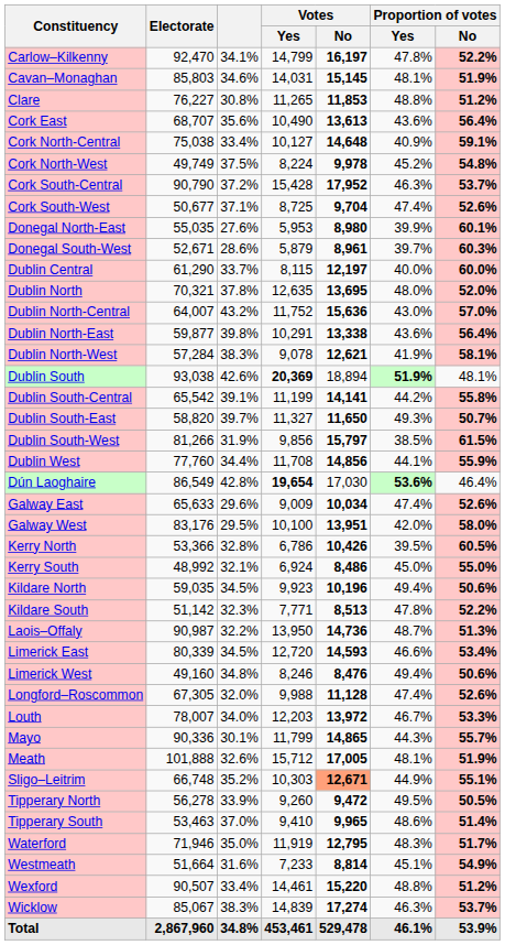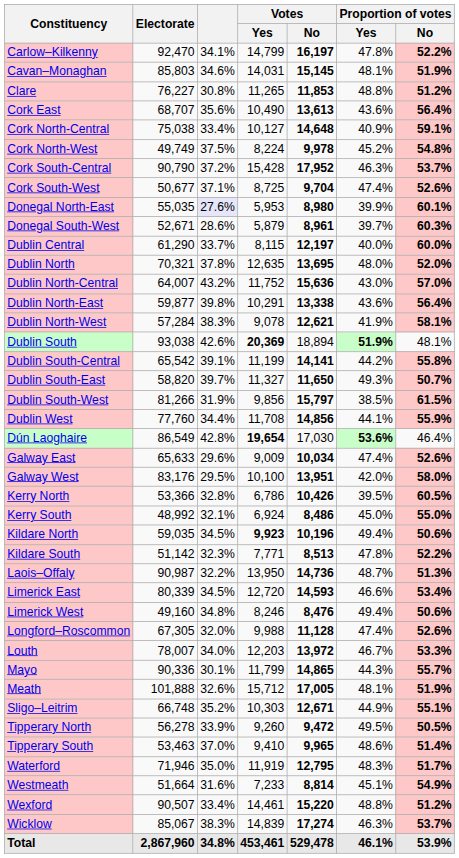 <table class="wikitable sortable">
 <tr>
 <th rowspan=2>Constituency</th>
 <th rowspan=2>Electorate</th>
 <th rowspan=2></th>
 <th colspan=2>Votes</th>
 <th colspan=2>Proportion of votes</th>
 </tr>
 <tr>
 <th>Yes</th>
 <th>No</th>
 <th>Yes</th>
 <th>No</th>
 </tr>
 <tr>
 <td style="background:#ffc8c8;"><a href='#'>Carlow–Kilkenny</a></td>
 <td style="text-align: right;">92,470</td>
 <td style="text-align: right;">34.1%</td>
 <td style="text-align: right;">14,799</td>
 <td style="text-align: right;"><strong>16,197</strong></td>
 <td style="text-align: right;">47.8%</td>
 <td style="text-align: right; background:#ffc8c8;"><strong>52.2%</strong></td>
 </tr>
 <tr>
 <td style="background:#ffc8c8;"><a href='#'>Cavan–Monaghan</a></td>
 <td style="text-align: right;">85,803</td>
 <td style="text-align: right;">34.6%</td>
 <td style="text-align: right;">14,031</td>
 <td style="text-align: right;"><strong>15,145</strong></td>
 <td style="text-align: right;">48.1%</td>
 <td style="text-align: right; background:#ffc8c8;"><strong>51.9%</strong></td>
 </tr>
 <tr>
 <td style="background:#ffc8c8;"><a href='#'>Clare</a></td>
 <td style="text-align: right;">76,227</td>
 <td style="text-align: right;">30.8%</td>
 <td style="text-align: right;">11,265</td>
 <td style="text-align: right;"><strong>11,853</strong></td>
 <td style="text-align: right;">48.8%</td>
 <td style="text-align: right; background:#ffc8c8;"><strong>51.2%</strong></td>
 </tr>
 <tr>
 <td style="background:#ffc8c8;"><a href='#'>Cork East</a></td>
 <td style="text-align: right;">68,707</td>
 <td style="text-align: right;">35.6%</td>
 <td style="text-align: right;">10,490</td>
 <td style="text-align: right;"><strong>13,613</strong></td>
 <td style="text-align: right;">43.6%</td>
 <td style="text-align: right; background:#ffc8c8;"><strong>56.4%</strong></td>
 </tr>
 <tr>
 <td style="background:#ffc8c8;"><a href='#'>Cork North-Central</a></td>
 <td style="text-align: right;">75,038</td>
 <td style="text-align: right;">33.4%</td>
 <td style="text-align: right;">10,127</td>
 <td style="text-align: right;"><strong>14,648</strong></td>
 <td style="text-align: right;">40.9%</td>
 <td style="text-align: right; background:#ffc8c8;"><strong>59.1%</strong></td>
 </tr>
 <tr>
 <td style="background:#ffc8c8;"><a href='#'>Cork North-West</a></td>
 <td style="text-align: right;">49,749</td>
 <td style="text-align: right;">37.5%</td>
 <td style="text-align: right;">8,224</td>
 <td style="text-align: right;"><strong>9,978</strong></td>
 <td style="text-align: right;">45.2%</td>
 <td style="text-align: right; background:#ffc8c8;"><strong>54.8%</strong></td>
 </tr>
 <tr>
 <td style="background:#ffc8c8;"><a href='#'>Cork South-Central</a></td>
 <td style="text-align: right;">90,790</td>
 <td style="text-align: right;">37.2%</td>
 <td style="text-align: right;">15,428</td>
 <td style="text-align: right;"><strong>17,952</strong></td>
 <td style="text-align: right;">46.3%</td>
 <td style="text-align: right; background:#ffc8c8;"><strong>53.7%</strong></td>
 </tr>
 <tr>
 <td style="background:#ffc8c8;"><a href='#'>Cork South-West</a></td>
 <td style="text-align: right;">50,677</td>
 <td style="text-align: right;">37.1%</td>
 <td style="text-align: right;">8,725</td>
 <td style="text-align: right;"><strong>9,704</strong></td>
 <td style="text-align: right;">47.4%</td>
 <td style="text-align: right; background:#ffc8c8;"><strong>52.6%</strong></td>
 </tr>
 <tr>
 <td style="background:#ffc8c8;"><a href='#'>Donegal North-East</a></td>
 <td style="text-align: right;">55,035</td>
-<td style="text-align: right;">27.6%</td>
+<td style="background: lavender; text-align: right;">27.6%</td>
 <td style="text-align: right;">5,953</td>
 <td style="text-align: right;"><strong>8,980</strong></td>
 <td style="text-align: right;">39.9%</td>
 <td style="text-align: right; background:#ffc8c8;"><strong>60.1%</strong></td>
 </tr>
 <tr>
 <td style="background:#ffc8c8;"><a href='#'>Donegal South-West</a></td>
 <td style="text-align: right;">52,671</td>
 <td style="text-align: right;">28.6%</td>
 <td style="text-align: right;">5,879</td>
 <td style="text-align: right;"><strong>8,961</strong></td>
 <td style="text-align: right;">39.7%</td>
 <td style="text-align: right; background:#ffc8c8;"><strong>60.3%</strong></td>
 </tr>
 <tr>
 <td style="background:#ffc8c8;"><a href='#'>Dublin Central</a></td>
 <td style="text-align: right;">61,290</td>
 <td style="text-align: right;">33.7%</td>
 <td style="text-align: right;">8,115</td>
 <td style="text-align: right;"><strong>12,197</strong></td>
 <td style="text-align: right;">40.0%</td>
 <td style="text-align: right; background:#ffc8c8;"><strong>60.0%</strong></td>
 </tr>
 <tr>
 <td style="background:#ffc8c8;"><a href='#'>Dublin North</a></td>
 <td style="text-align: right;">70,321</td>
 <td style="text-align: right;">37.8%</td>
 <td style="text-align: right;">12,635</td>
 <td style="text-align: right;"><strong>13,695</strong></td>
 <td style="text-align: right;">48.0%</td>
 <td style="text-align: right; background:#ffc8c8;"><strong>52.0%</strong></td>
 </tr>
 <tr>
 <td style="background:#ffc8c8;"><a href='#'>Dublin North-Central</a></td>
 <td style="text-align: right;">64,007</td>
 <td style="text-align: right;">43.2%</td>
 <td style="text-align: right;">11,752</td>
 <td style="text-align: right;"><strong>15,636</strong></td>
 <td style="text-align: right;">43.0%</td>
 <td style="text-align: right; background:#ffc8c8;"><strong>57.0%</strong></td>
 </tr>
 <tr>
 <td style="background:#ffc8c8;"><a href='#'>Dublin North-East</a></td>
 <td style="text-align: right;">59,877</td>
 <td style="text-align: right;">39.8%</td>
 <td style="text-align: right;">10,291</td>
 <td style="text-align: right;"><strong>13,338</strong></td>
 <td style="text-align: right;">43.6%</td>
 <td style="text-align: right; background:#ffc8c8;"><strong>56.4%</strong></td>
 </tr>
 <tr>
 <td style="background:#ffc8c8;"><a href='#'>Dublin North-West</a></td>
 <td style="text-align: right;">57,284</td>
 <td style="text-align: right;">38.3%</td>
 <td style="text-align: right;">9,078</td>
 <td style="text-align: right;"><strong>12,621</strong></td>
 <td style="text-align: right;">41.9%</td>
 <td style="text-align: right; background:#ffc8c8;"><strong>58.1%</strong></td>
 </tr>
 <tr>
 <td style="background:#c8ffc8;"><a href='#'>Dublin South</a></td>
 <td style="text-align: right;">93,038</td>
 <td style="text-align: right;">42.6%</td>
 <td style="text-align: right;"><strong>20,369</strong></td>
 <td style="text-align: right;">18,894</td>
 <td style="text-align: right; background:#c8ffc8;"><strong>51.9%</strong></td>
 <td style="text-align: right;">48.1%</td>
 </tr>
 <tr>
 <td style="background:#ffc8c8;"><a href='#'>Dublin South-Central</a></td>
 <td style="text-align: right;">65,542</td>
 <td style="text-align: right;">39.1%</td>
 <td style="text-align: right;">11,199</td>
 <td style="text-align: right;"><strong>14,141</strong></td>
 <td style="text-align: right;">44.2%</td>
 <td style="text-align: right; background:#ffc8c8;"><strong>55.8%</strong></td>
 </tr>
 <tr>
 <td style="background:#ffc8c8;"><a href='#'>Dublin South-East</a></td>
 <td style="text-align: right;">58,820</td>
 <td style="text-align: right;">39.7%</td>
 <td style="text-align: right;">11,327</td>
 <td style="text-align: right;"><strong>11,650</strong></td>
 <td style="text-align: right;">49.3%</td>
 <td style="text-align: right; background:#ffc8c8;"><strong>50.7%</strong></td>
 </tr>
 <tr>
 <td style="background:#ffc8c8;"><a href='#'>Dublin South-West</a></td>
 <td style="text-align: right;">81,266</td>
 <td style="text-align: right;">31.9%</td>
 <td style="text-align: right;">9,856</td>
 <td style="text-align: right;"><strong>15,797</strong></td>
 <td style="text-align: right;">38.5%</td>
 <td style="text-align: right; background:#ffc8c8;"><strong>61.5%</strong></td>
 </tr>
 <tr>
 <td style="background:#ffc8c8;"><a href='#'>Dublin West</a></td>
 <td style="text-align: right;">77,760</td>
 <td style="text-align: right;">34.4%</td>
 <td style="text-align: right;">11,708</td>
 <td style="text-align: right;"><strong>14,856</strong></td>
 <td style="text-align: right;">44.1%</td>
 <td style="text-align: right; background:#ffc8c8;"><strong>55.9%</strong></td>
 </tr>
 <tr>
 <td style="background:#c8ffc8;"><a href='#'>Dún Laoghaire</a></td>
 <td style="text-align: right;">86,549</td>
 <td style="text-align: right;">42.8%</td>
 <td style="text-align: right;"><strong>19,654</strong></td>
 <td style="text-align: right;">17,030</td>
 <td style="text-align: right; background:#c8ffc8;"><strong>53.6%</strong></td>
 <td style="text-align: right;">46.4%</td>
 </tr>
 <tr>
 <td style="background:#ffc8c8;"><a href='#'>Galway East</a></td>
 <td style="text-align: right;">65,633</td>
 <td style="text-align: right;">29.6%</td>
 <td style="text-align: right;">9,009</td>
 <td style="text-align: right;"><strong>10,034</strong></td>
 <td style="text-align: right;">47.4%</td>
 <td style="text-align: right; background:#ffc8c8;"><strong>52.6%</strong></td>
 </tr>
 <tr>
 <td style="background:#ffc8c8;"><a href='#'>Galway West</a></td>
 <td style="text-align: right;">83,176</td>
 <td style="text-align: right;">29.5%</td>
 <td style="text-align: right;">10,100</td>
 <td style="text-align: right;"><strong>13,951</strong></td>
 <td style="text-align: right;">42.0%</td>
 <td style="text-align: right; background:#ffc8c8;"><strong>58.0%</strong></td>
 </tr>
 <tr>
 <td style="background:#ffc8c8;"><a href='#'>Kerry North</a></td>
 <td style="text-align: right;">53,366</td>
 <td style="text-align: right;">32.8%</td>
 <td style="text-align: right;">6,786</td>
 <td style="text-align: right;"><strong>10,426</strong></td>
 <td style="text-align: right;">39.5%</td>
 <td style="text-align: right; background:#ffc8c8;"><strong>60.5%</strong></td>
 </tr>
 <tr>
 <td style="background:#ffc8c8;"><a href='#'>Kerry South</a></td>
 <td style="text-align: right;">48,992</td>
 <td style="text-align: right;">32.1%</td>
 <td style="text-align: right;">6,924</td>
 <td style="text-align: right;"><strong>8,486</strong></td>
 <td style="text-align: right;">45.0%</td>
 <td style="text-align: right; background:#ffc8c8;"><strong>55.0%</strong></td>
 </tr>
 <tr>
 <td style="background:#ffc8c8;"><a href='#'>Kildare North</a></td>
 <td style="text-align: right;">59,035</td>
 <td style="text-align: right;">34.5%</td>
-<td style="text-align: right;">9,923</td>
+<td style="text-align: right;"><strong>9,923</strong></td>
 <td style="text-align: right;"><strong>10,196</strong></td>
 <td style="text-align: right;">49.4%</td>
 <td style="text-align: right; background:#ffc8c8;"><strong>50.6%</strong></td>
 </tr>
 <tr>
 <td style="background:#ffc8c8;"><a href='#'>Kildare South</a></td>
 <td style="text-align: right;">51,142</td>
 <td style="text-align: right;">32.3%</td>
 <td style="text-align: right;">7,771</td>
 <td style="text-align: right;"><strong>8,513</strong></td>
 <td style="text-align: right;">47.8%</td>
 <td style="text-align: right; background:#ffc8c8;"><strong>52.2%</strong></td>
 </tr>
 <tr>
 <td style="background:#ffc8c8;"><a href='#'>Laois–Offaly</a></td>
 <td style="text-align: right;">90,987</td>
 <td style="text-align: right;">32.2%</td>
 <td style="text-align: right;">13,950</td>
 <td style="text-align: right;"><strong>14,736</strong></td>
 <td style="text-align: right;">48.7%</td>
 <td style="text-align: right; background:#ffc8c8;"><strong>51.3%</strong></td>
 </tr>
 <tr>
 <td style="background:#ffc8c8;"><a href='#'>Limerick East</a></td>
 <td style="text-align: right;">80,339</td>
 <td style="text-align: right;">34.5%</td>
 <td style="text-align: right;">12,720</td>
 <td style="text-align: right;"><strong>14,593</strong></td>
 <td style="text-align: right;">46.6%</td>
 <td style="text-align: right; background:#ffc8c8;"><strong>53.4%</strong></td>
 </tr>
 <tr>
 <td style="background:#ffc8c8;"><a href='#'>Limerick West</a></td>
 <td style="text-align: right;">49,160</td>
 <td style="text-align: right;">34.8%</td>
 <td style="text-align: right;">8,246</td>
 <td style="text-align: right;"><strong>8,476</strong></td>
 <td style="text-align: right;">49.4%</td>
 <td style="text-align: right; background:#ffc8c8;"><strong>50.6%</strong></td>
 </tr>
 <tr>
 <td style="background:#ffc8c8;"><a href='#'>Longford–Roscommon</a></td>
 <td style="text-align: right;">67,305</td>
 <td style="text-align: right;">32.0%</td>
 <td style="text-align: right;">9,988</td>
 <td style="text-align: right;"><strong>11,128</strong></td>
 <td style="text-align: right;">47.4%</td>
 <td style="text-align: right; background:#ffc8c8;"><strong>52.6%</strong></td>
 </tr>
 <tr>
 <td style="background:#ffc8c8;"><a href='#'>Louth</a></td>
 <td style="text-align: right;">78,007</td>
 <td style="text-align: right;">34.0%</td>
 <td style="text-align: right;">12,203</td>
 <td style="text-align: right;"><strong>13,972</strong></td>
 <td style="text-align: right;">46.7%</td>
 <td style="text-align: right; background:#ffc8c8;"><strong>53.3%</strong></td>
 </tr>
 <tr>
 <td style="background:#ffc8c8;"><a href='#'>Mayo</a></td>
 <td style="text-align: right;">90,336</td>
 <td style="text-align: right;">30.1%</td>
 <td style="text-align: right;">11,799</td>
 <td style="text-align: right;"><strong>14,865</strong></td>
 <td style="text-align: right;">44.3%</td>
 <td style="text-align: right; background:#ffc8c8;"><strong>55.7%</strong></td>
 </tr>
 <tr>
 <td style="background:#ffc8c8;"><a href='#'>Meath</a></td>
 <td style="text-align: right;">101,888</td>
 <td style="text-align: right;">32.6%</td>
 <td style="text-align: right;">15,712</td>
 <td style="text-align: right;"><strong>17,005</strong></td>
 <td style="text-align: right;">48.1%</td>
 <td style="text-align: right; background:#ffc8c8;"><strong>51.9%</strong></td>
 </tr>
 <tr>
 <td style="background:#ffc8c8;"><a href='#'>Sligo–Leitrim</a></td>
 <td style="text-align: right;">66,748</td>
 <td style="text-align: right;">35.2%</td>
 <td style="text-align: right;">10,303</td>
-<td style="background: lightsalmon; text-align: right;"><strong>12,671</strong></td>
+<td style="text-align: right;"><strong>12,671</strong></td>
 <td style="text-align: right;">44.9%</td>
 <td style="text-align: right; background:#ffc8c8;"><strong>55.1%</strong></td>
 </tr>
 <tr>
 <td style="background:#ffc8c8;"><a href='#'>Tipperary North</a></td>
 <td style="text-align: right;">56,278</td>
 <td style="text-align: right;">33.9%</td>
 <td style="text-align: right;">9,260</td>
 <td style="text-align: right;"><strong>9,472</strong></td>
 <td style="text-align: right;">49.5%</td>
 <td style="text-align: right; background:#ffc8c8;"><strong>50.5%</strong></td>
 </tr>
 <tr>
 <td style="background:#ffc8c8;"><a href='#'>Tipperary South</a></td>
 <td style="text-align: right;">53,463</td>
 <td style="text-align: right;">37.0%</td>
 <td style="text-align: right;">9,410</td>
 <td style="text-align: right;"><strong>9,965</strong></td>
 <td style="text-align: right;">48.6%</td>
 <td style="text-align: right; background:#ffc8c8;"><strong>51.4%</strong></td>
 </tr>
 <tr>
 <td style="background:#ffc8c8;"><a href='#'>Waterford</a></td>
 <td style="text-align: right;">71,946</td>
 <td style="text-align: right;">35.0%</td>
 <td style="text-align: right;">11,919</td>
 <td style="text-align: right;"><strong>12,795</strong></td>
 <td style="text-align: right;">48.3%</td>
 <td style="text-align: right; background:#ffc8c8;"><strong>51.7%</strong></td>
 </tr>
 <tr>
 <td style="background:#ffc8c8;"><a href='#'>Westmeath</a></td>
 <td style="text-align: right;">51,664</td>
 <td style="text-align: right;">31.6%</td>
 <td style="text-align: right;">7,233</td>
 <td style="text-align: right;"><strong>8,814</strong></td>
 <td style="text-align: right;">45.1%</td>
 <td style="text-align: right; background:#ffc8c8;"><strong>54.9%</strong></td>
 </tr>
 <tr>
 <td style="background:#ffc8c8;"><a href='#'>Wexford</a></td>
 <td style="text-align: right;">90,507</td>
 <td style="text-align: right;">33.4%</td>
 <td style="text-align: right;">14,461</td>
 <td style="text-align: right;"><strong>15,220</strong></td>
 <td style="text-align: right;">48.8%</td>
 <td style="text-align: right; background:#ffc8c8;"><strong>51.2%</strong></td>
 </tr>
 <tr>
 <td style="background:#ffc8c8;"><a href='#'>Wicklow</a></td>
 <td style="text-align: right;">85,067</td>
 <td style="text-align: right;">38.3%</td>
 <td style="text-align: right;">14,839</td>
 <td style="text-align: right;"><strong>17,274</strong></td>
 <td style="text-align: right;">46.3%</td>
 <td style="text-align: right; background:#ffc8c8;"><strong>53.7%</strong></td>
 </tr>
 <tr class="sortbottom" style="font-weight:bold; background:rgb(232,232,232);">
 <td>Total</td>
 <td style="text-align: right;">2,867,960</td>
 <td style="text-align: right;">34.8%</td>
 <td style="text-align: right;">453,461</td>
 <td style="text-align: right;">529,478</td>
 <td style="text-align: right;">46.1%</td>
 <td style="text-align: right;">53.9%</td>
 </tr>
 </table>
